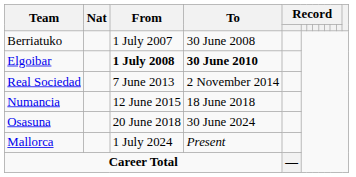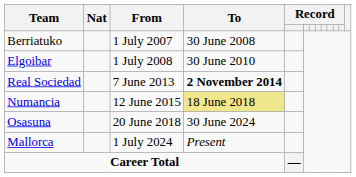 <table class="wikitable" style="text-align: center">
 <tr>
 <th rowspan="2">Team</th>
 <th rowspan="2">Nat</th>
 <th rowspan="2">From</th>
 <th rowspan="2">To</th>
 <th colspan="8">Record</th>
 <th rowspan=2></th>
 </tr>
 <tr>
 <th></th>
 <th></th>
 <th></th>
 <th></th>
 <th></th>
 <th></th>
 <th></th>
 <th></th>
 </tr>
 <tr>
 <td align="left">Berriatuko</td>
 <td></td>
 <td align=left>1 July 2007</td>
 <td align=left>30 June 2008<br></td>
 <td></td>
 </tr>
 <tr>
 <td align="left"><a href='#'>Elgoibar</a></td>
 <td></td>
-<td align=left><strong>1 July 2008</strong></td>
-<td align=left><strong>30 June 2010<br></strong></td>
+<td align=left>1 July 2008</td>
+<td align=left>30 June 2010<br></td>
 <td></td>
 </tr>
 <tr>
 <td align="left"><a href='#'>Real Sociedad</a></td>
 <td></td>
 <td align=left>7 June 2013</td>
-<td align=left>2 November 2014<br></td>
+<td align=left><strong>2 November 2014<br></strong></td>
 <td></td>
 </tr>
 <tr>
 <td align="left"><a href='#'>Numancia</a></td>
 <td></td>
 <td align=left>12 June 2015</td>
-<td align=left>18 June 2018<br></td>
+<td align=left style="background: khaki;">18 June 2018<br></td>
 <td></td>
 </tr>
 <tr>
 <td align="left"><a href='#'>Osasuna</a></td>
 <td></td>
 <td align=left>20 June 2018</td>
 <td align=left>30 June 2024<br></td>
 <td></td>
 </tr>
 <tr>
 <td align="left"><a href='#'>Mallorca</a></td>
 <td></td>
 <td align=left>1 July 2024</td>
 <td align=left><em>Present</em><br></td>
 <td></td>
 </tr>
 <tr>
 <td colspan=4><strong>Career Total</strong><br></td>
 <th>—</th>
 </tr>
 </table>
